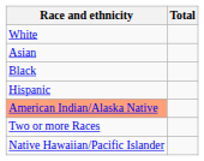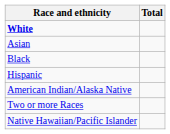 <table class="wikitable sortable collapsible"; style="float:right;" text-align:right; font-size:80%;">
 <tr>
 <th>Race and ethnicity</th>
 <th colspan="2" data-sort-type=number>Total</th>
 </tr>
 <tr>
-<td><a href='#'>White</a></td>
+<td><strong><a href='#'>White</a></strong></td>
 <td align=right></td>
 </tr>
 <tr>
 <td><a href='#'>Asian</a></td>
 <td align=right></td>
 </tr>
 <tr>
 <td><a href='#'>Black</a></td>
 <td align=right></td>
 </tr>
 <tr>
 <td><a href='#'>Hispanic</a></td>
 <td align=right></td>
 </tr>
 <tr>
-<td style="background: lightsalmon;"><a href='#'>American Indian/Alaska Native</a></td>
+<td><a href='#'>American Indian/Alaska Native</a></td>
 <td align=right></td>
 </tr>
 <tr>
 <td><a href='#'>Two or more Races</a></td>
 <td align=right></td>
 </tr>
 <tr>
 <td><a href='#'>Native Hawaiian/Pacific Islander</a></td>
 <td align=right></td>
 </tr>
 </table>
